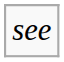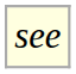 <table class="wikitable floatright" style="font-size: 90%;">
 <tr>
 </tr>
 <tr>
-<td><em>see </em></td>
+<td style="background: lightyellow;"><em>see </em></td>
 </tr>
 </table>
